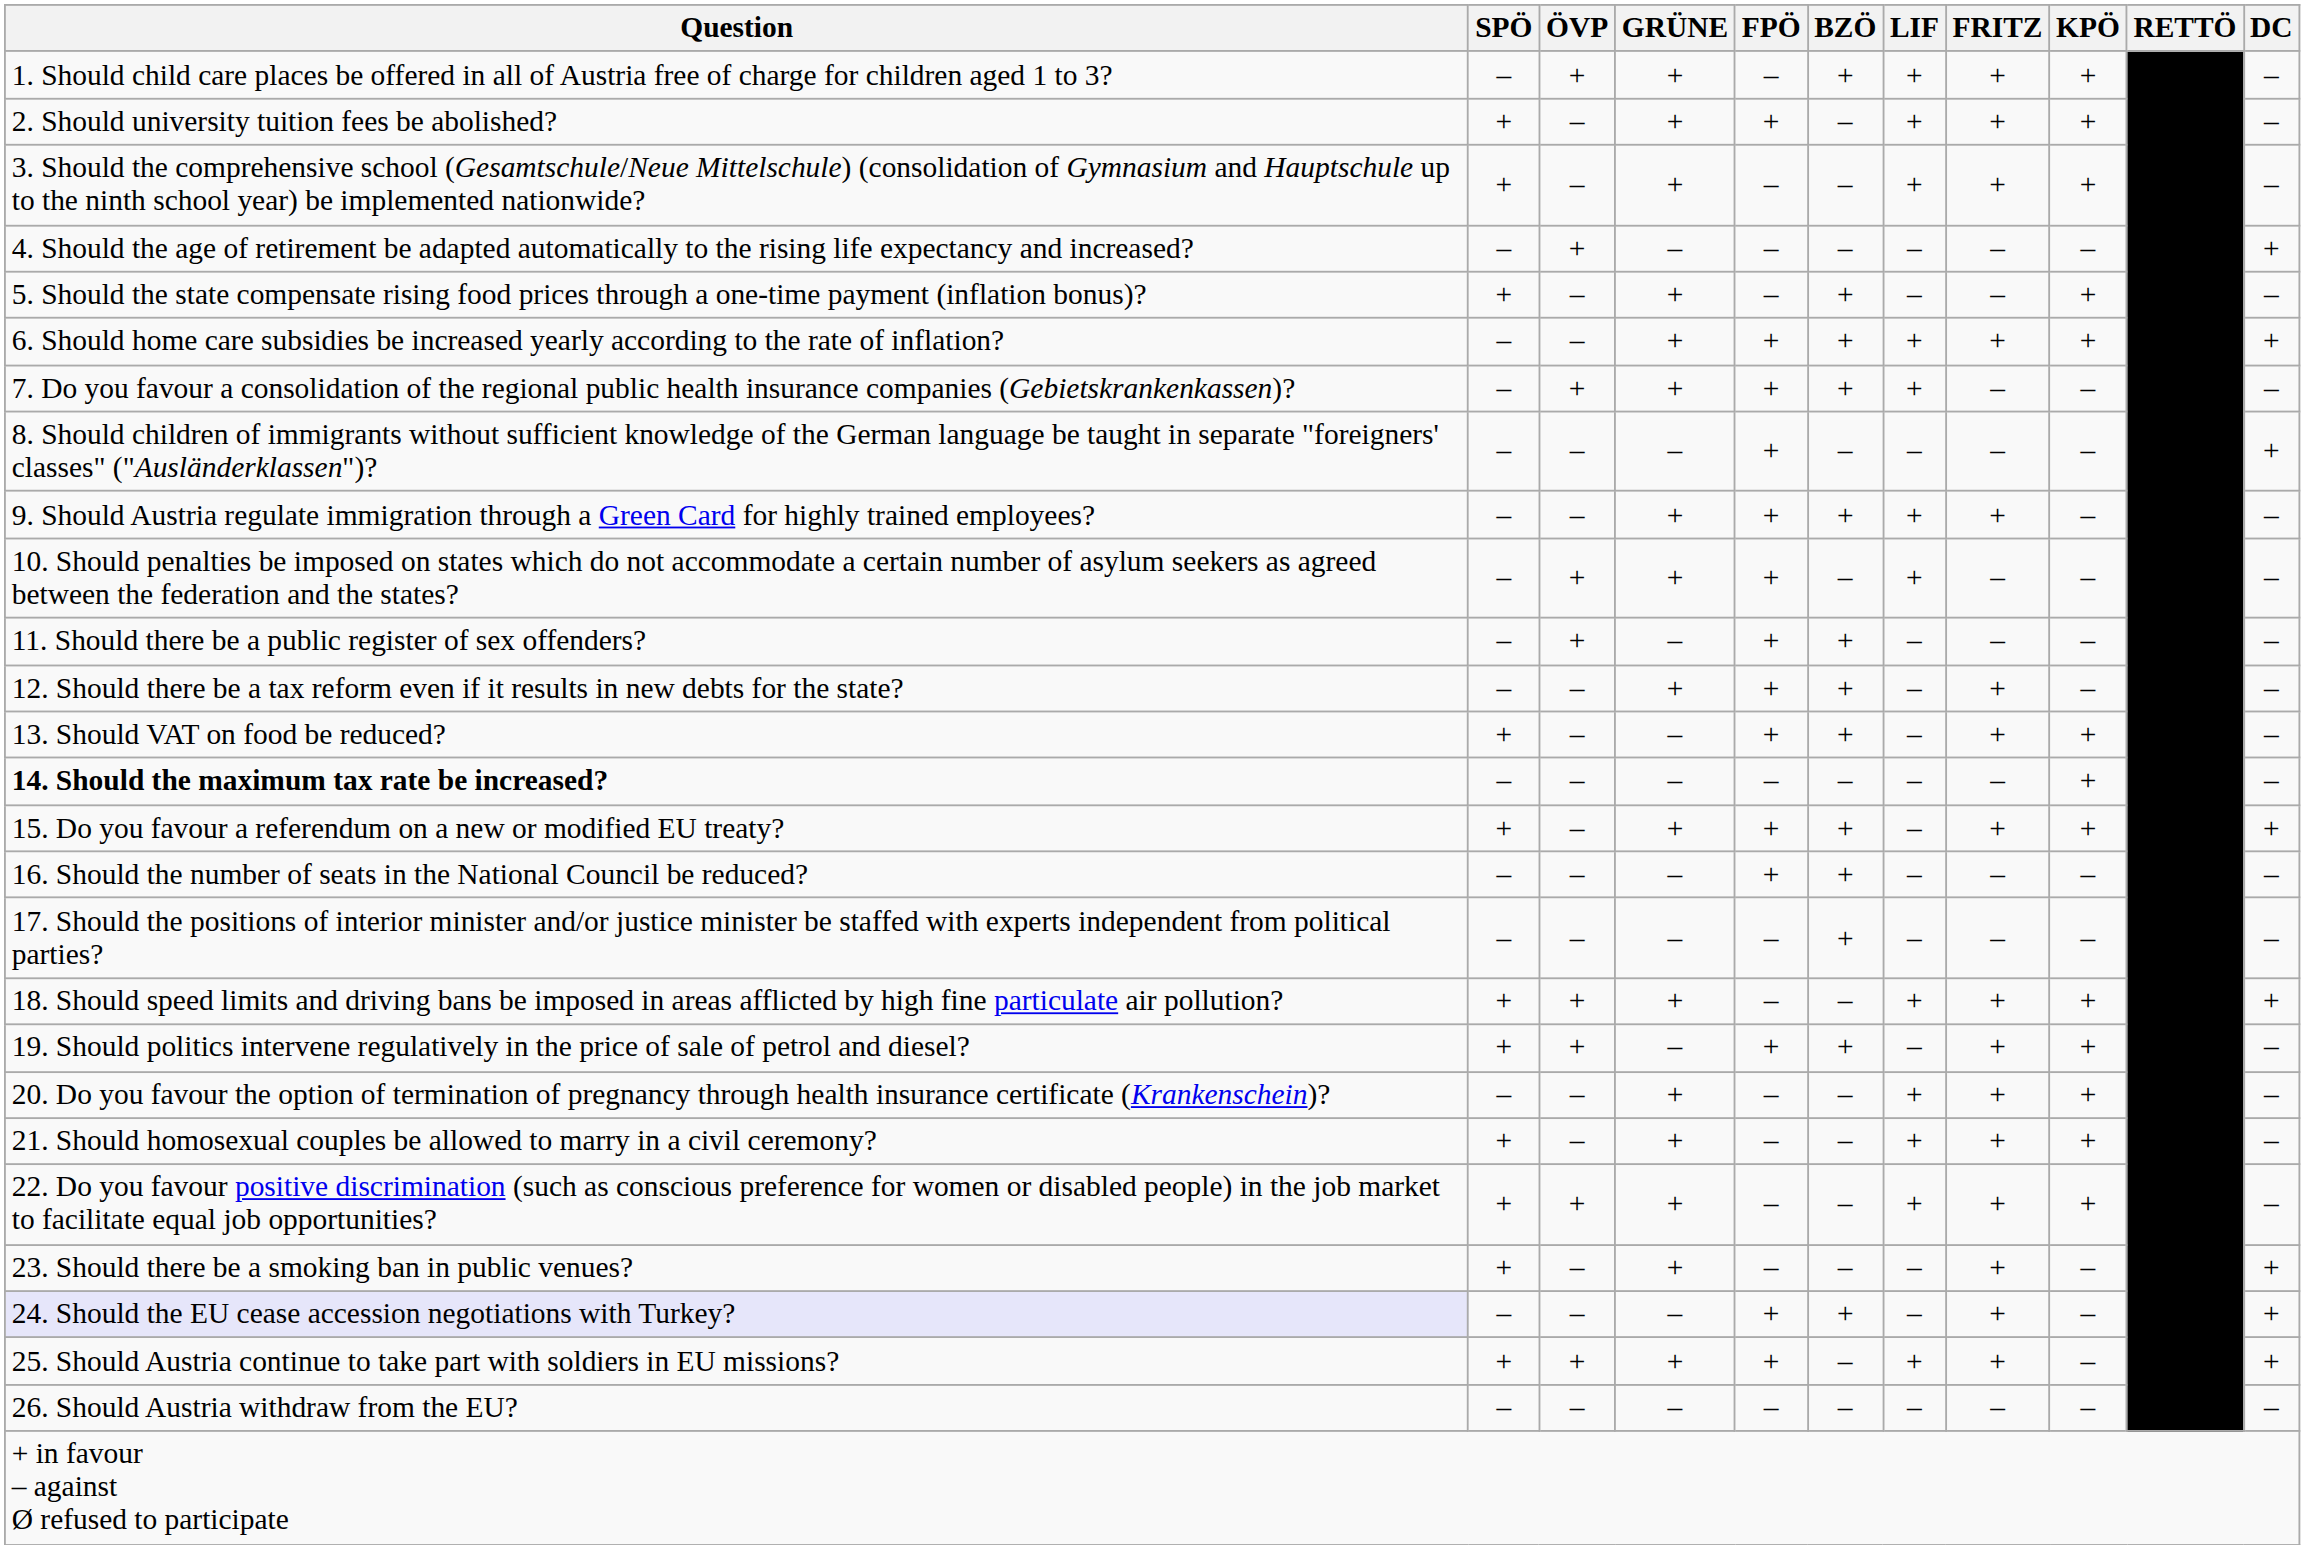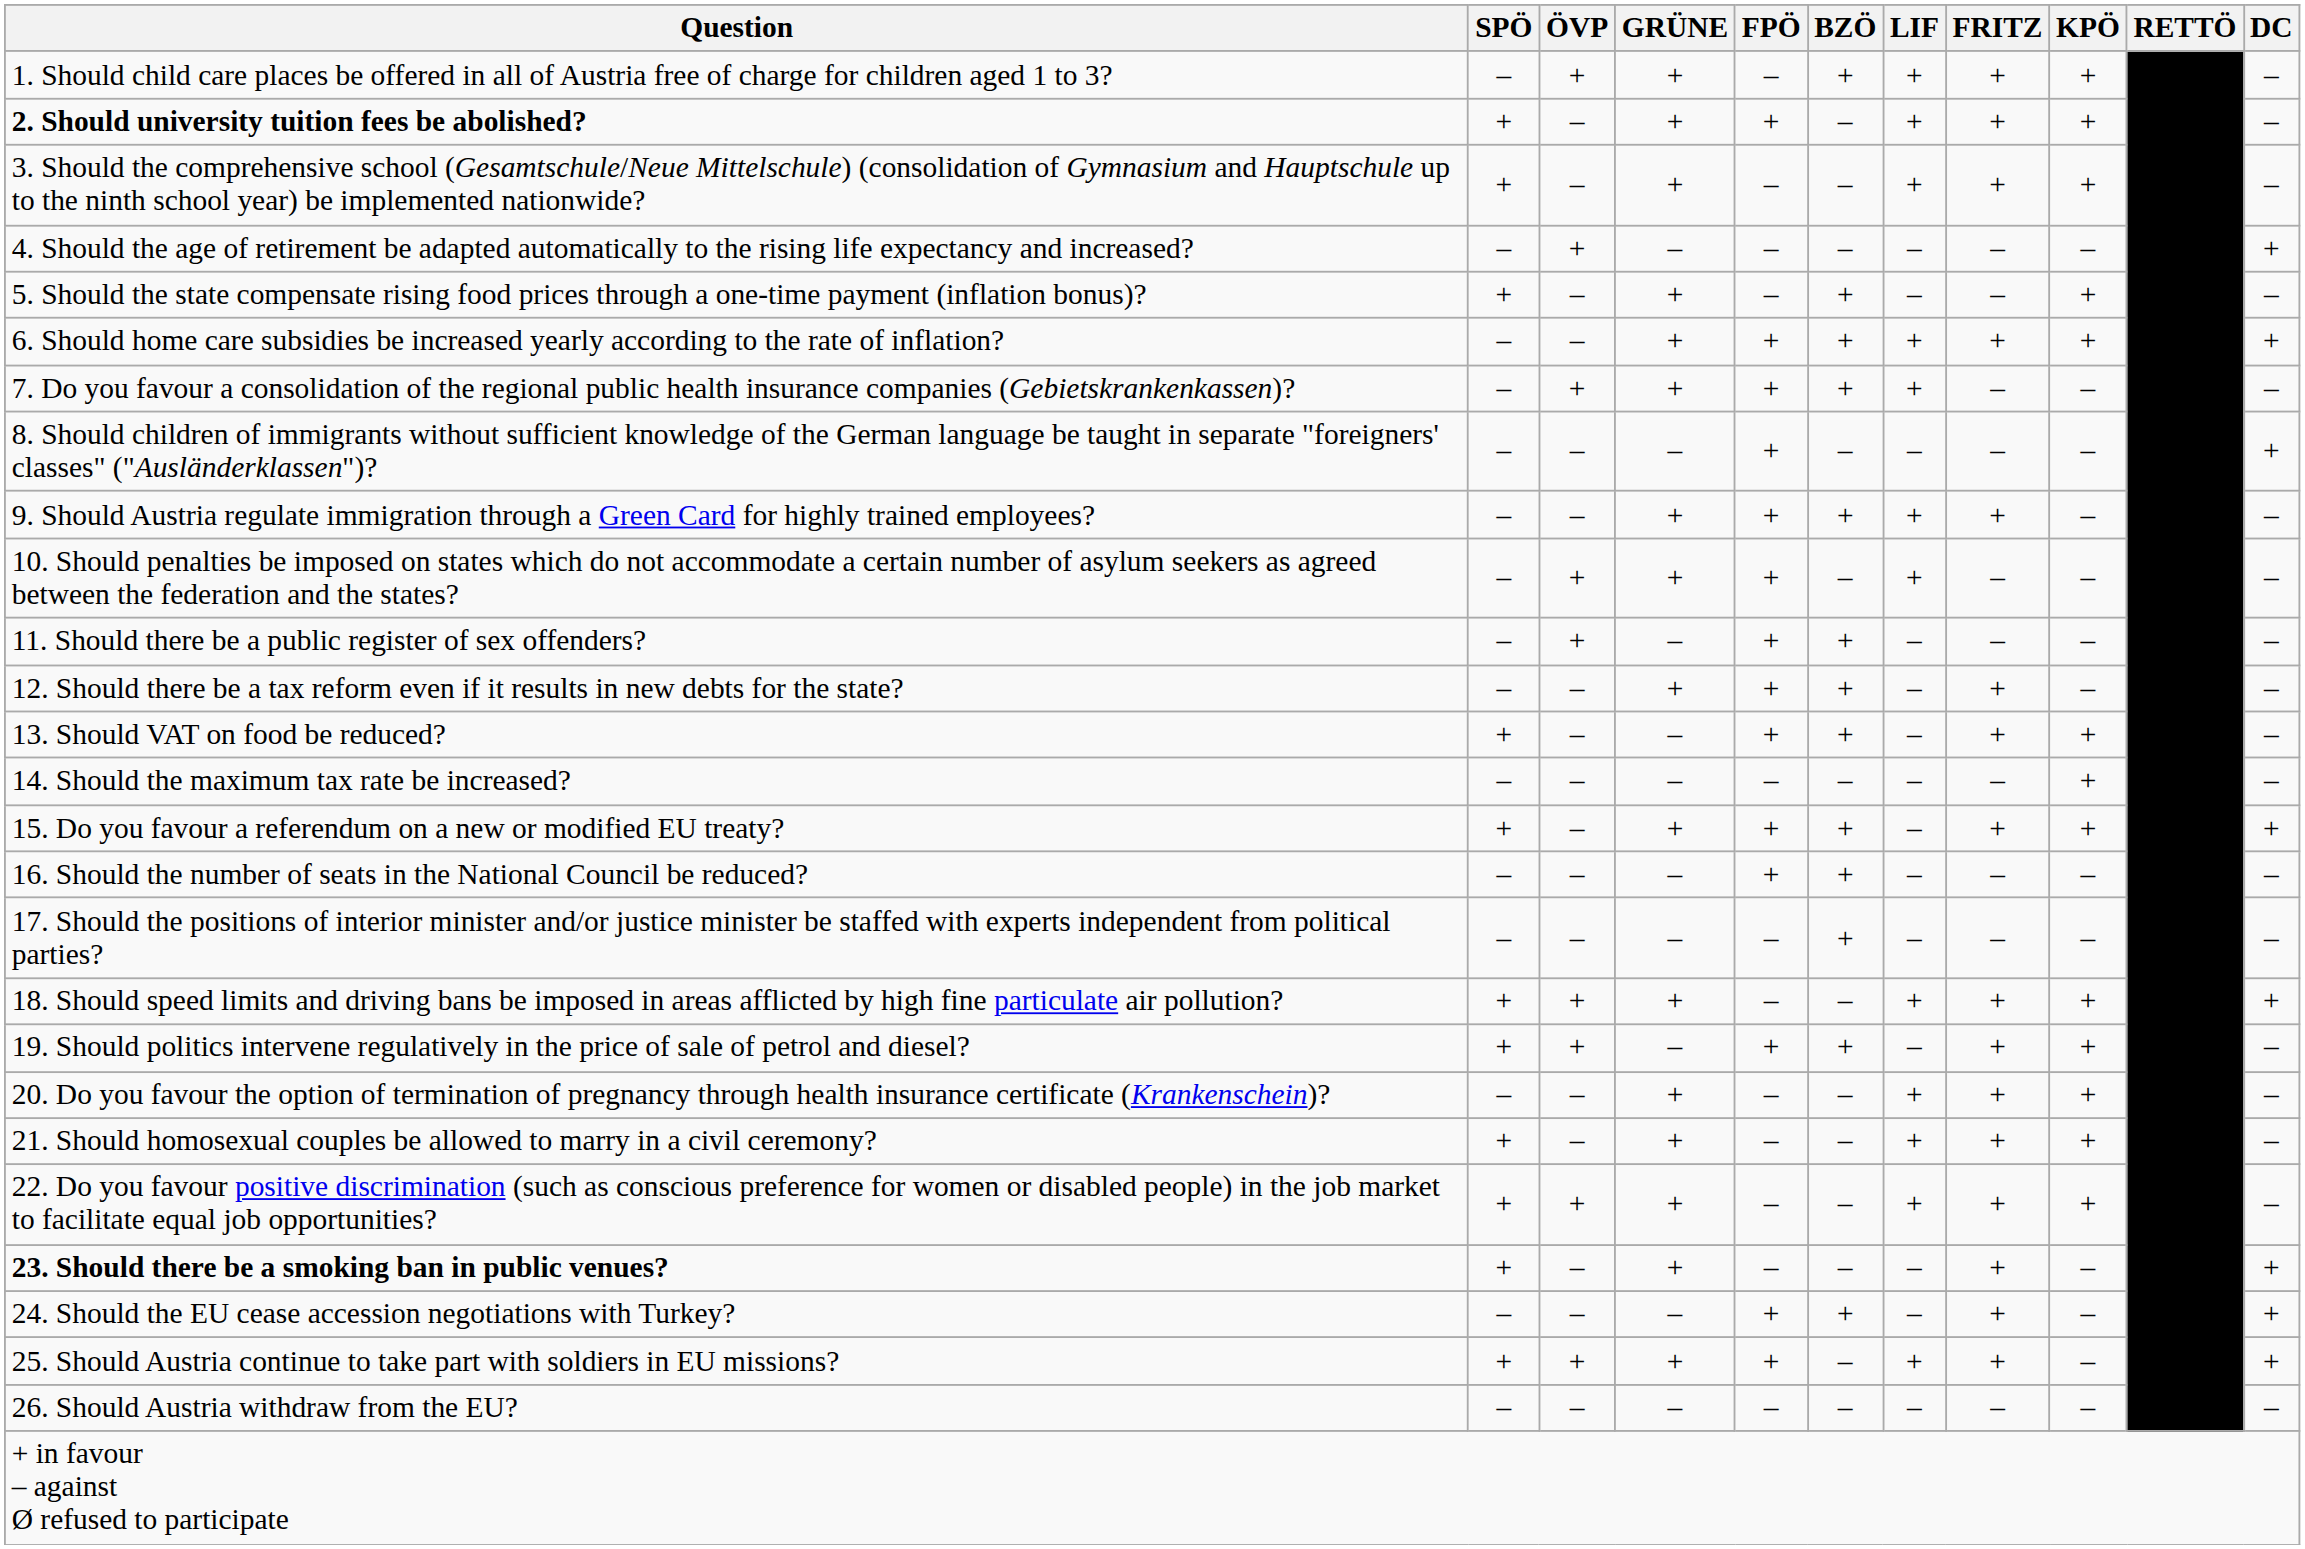 <table class="wikitable">
 <tr>
 <th>Question</th>
 <th>SPÖ</th>
 <th>ÖVP</th>
 <th>GRÜNE</th>
 <th>FPÖ</th>
 <th>BZÖ</th>
 <th>LIF</th>
 <th>FRITZ</th>
 <th>KPÖ</th>
 <th>RETTÖ</th>
 <th>DC</th>
 </tr>
 <tr>
 <td>1. Should child care places be offered in all of Austria free of charge for children aged 1 to 3?</td>
 <td align="center">–</td>
 <td align="center">+</td>
 <td align="center">+</td>
 <td align="center">–</td>
 <td align="center">+</td>
 <td align="center">+</td>
 <td align="center">+</td>
 <td align="center">+</td>
 <td align="center" rowspan="26" bgcolor=black><span>Ø</span></td>
 <td align="center">–</td>
 </tr>
 <tr>
-<td>2. Should university tuition fees be abolished?</td>
+<td><strong>2. Should university tuition fees be abolished?</strong></td>
 <td align="center">+</td>
 <td align="center">–</td>
 <td align="center">+</td>
 <td align="center">+</td>
 <td align="center">–</td>
 <td align="center">+</td>
 <td align="center">+</td>
 <td align="center">+</td>
 <td align="center">–</td>
 </tr>
 <tr>
 <td>3. Should the comprehensive school (<em>Gesamtschule</em>/<em>Neue Mittelschule</em>) (consolidation of <em>Gymnasium</em> and <em>Hauptschule</em> up to the ninth school year) be implemented nationwide?</td>
 <td align="center">+</td>
 <td align="center">–</td>
 <td align="center">+</td>
 <td align="center">–</td>
 <td align="center">–</td>
 <td align="center">+</td>
 <td align="center">+</td>
 <td align="center">+</td>
 <td align="center">–</td>
 </tr>
 <tr>
 <td>4. Should the age of retirement be adapted automatically to the rising life expectancy and increased?</td>
 <td align="center">–</td>
 <td align="center">+</td>
 <td align="center">–</td>
 <td align="center">–</td>
 <td align="center">–</td>
 <td align="center">–</td>
 <td align="center">–</td>
 <td align="center">–</td>
 <td align="center">+</td>
 </tr>
 <tr>
 <td>5. Should the state compensate rising food prices through a one-time payment (inflation bonus)?</td>
 <td align="center">+</td>
 <td align="center">–</td>
 <td align="center">+</td>
 <td align="center">–</td>
 <td align="center">+</td>
 <td align="center">–</td>
 <td align="center">–</td>
 <td align="center">+</td>
 <td align="center">–</td>
 </tr>
 <tr>
 <td>6. Should home care subsidies be increased yearly according to the rate of inflation?</td>
 <td align="center">–</td>
 <td align="center">–</td>
 <td align="center">+</td>
 <td align="center">+</td>
 <td align="center">+</td>
 <td align="center">+</td>
 <td align="center">+</td>
 <td align="center">+</td>
 <td align="center">+</td>
 </tr>
 <tr>
 <td>7. Do you favour a consolidation of the regional public health insurance companies (<em>Gebietskrankenkassen</em>)?</td>
 <td align="center">–</td>
 <td align="center">+</td>
 <td align="center">+</td>
 <td align="center">+</td>
 <td align="center">+</td>
 <td align="center">+</td>
 <td align="center">–</td>
 <td align="center">–</td>
 <td align="center">–</td>
 </tr>
 <tr>
 <td>8. Should children of immigrants without sufficient knowledge of the German language be taught in separate "foreigners' classes" ("<em>Ausländerklassen</em>")?</td>
 <td align="center">–</td>
 <td align="center">–</td>
 <td align="center">–</td>
 <td align="center">+</td>
 <td align="center">–</td>
 <td align="center">–</td>
 <td align="center">–</td>
 <td align="center">–</td>
 <td align="center">+</td>
 </tr>
 <tr>
 <td>9. Should Austria regulate immigration through a <a href='#'>Green Card</a> for highly trained employees?</td>
 <td align="center">–</td>
 <td align="center">–</td>
 <td align="center">+</td>
 <td align="center">+</td>
 <td align="center">+</td>
 <td align="center">+</td>
 <td align="center">+</td>
 <td align="center">–</td>
 <td align="center">–</td>
 </tr>
 <tr>
 <td>10. Should penalties be imposed on states which do not accommodate a certain number of asylum seekers as agreed between the federation and the states?</td>
 <td align="center">–</td>
 <td align="center">+</td>
 <td align="center">+</td>
 <td align="center">+</td>
 <td align="center">–</td>
 <td align="center">+</td>
 <td align="center">–</td>
 <td align="center">–</td>
 <td align="center">–</td>
 </tr>
 <tr>
 <td>11. Should there be a public register of sex offenders?</td>
 <td align="center">–</td>
 <td align="center">+</td>
 <td align="center">–</td>
 <td align="center">+</td>
 <td align="center">+</td>
 <td align="center">–</td>
 <td align="center">–</td>
 <td align="center">–</td>
 <td align="center">–</td>
 </tr>
 <tr>
 <td>12. Should there be a tax reform even if it results in new debts for the state?</td>
 <td align="center">–</td>
 <td align="center">–</td>
 <td align="center">+</td>
 <td align="center">+</td>
 <td align="center">+</td>
 <td align="center">–</td>
 <td align="center">+</td>
 <td align="center">–</td>
 <td align="center">–</td>
 </tr>
 <tr>
 <td>13. Should VAT on food be reduced?</td>
 <td align="center">+</td>
 <td align="center">–</td>
 <td align="center">–</td>
 <td align="center">+</td>
 <td align="center">+</td>
 <td align="center">–</td>
 <td align="center">+</td>
 <td align="center">+</td>
 <td align="center">–</td>
 </tr>
 <tr>
-<td><strong>14. Should the maximum tax rate be increased?</strong></td>
+<td>14. Should the maximum tax rate be increased?</td>
 <td align="center">–</td>
 <td align="center">–</td>
 <td align="center">–</td>
 <td align="center">–</td>
 <td align="center">–</td>
 <td align="center">–</td>
 <td align="center">–</td>
 <td align="center">+</td>
 <td align="center">–</td>
 </tr>
 <tr>
 <td>15. Do you favour a referendum on a new or modified EU treaty?</td>
 <td align="center">+</td>
 <td align="center">–</td>
 <td align="center">+</td>
 <td align="center">+</td>
 <td align="center">+</td>
 <td align="center">–</td>
 <td align="center">+</td>
 <td align="center">+</td>
 <td align="center">+</td>
 </tr>
 <tr>
 <td>16. Should the number of seats in the National Council be reduced?</td>
 <td align="center">–</td>
 <td align="center">–</td>
 <td align="center">–</td>
 <td align="center">+</td>
 <td align="center">+</td>
 <td align="center">–</td>
 <td align="center">–</td>
 <td align="center">–</td>
 <td align="center">–</td>
 </tr>
 <tr>
 <td>17. Should the positions of interior minister and/or justice minister be staffed with experts independent from political parties?</td>
 <td align="center">–</td>
 <td align="center">–</td>
 <td align="center">–</td>
 <td align="center">–</td>
 <td align="center">+</td>
 <td align="center">–</td>
 <td align="center">–</td>
 <td align="center">–</td>
 <td align="center">–</td>
 </tr>
 <tr>
 <td>18. Should speed limits and driving bans be imposed in areas afflicted by high fine <a href='#'>particulate</a> air pollution?</td>
 <td align="center">+</td>
 <td align="center">+</td>
 <td align="center">+</td>
 <td align="center">–</td>
 <td align="center">–</td>
 <td align="center">+</td>
 <td align="center">+</td>
 <td align="center">+</td>
 <td align="center">+</td>
 </tr>
 <tr>
 <td>19. Should politics intervene regulatively in the price of sale of petrol and diesel?</td>
 <td align="center">+</td>
 <td align="center">+</td>
 <td align="center">–</td>
 <td align="center">+</td>
 <td align="center">+</td>
 <td align="center">–</td>
 <td align="center">+</td>
 <td align="center">+</td>
 <td align="center">–</td>
 </tr>
 <tr>
 <td>20. Do you favour the option of termination of pregnancy through health insurance certificate (<em><a href='#'>Krankenschein</a></em>)?</td>
 <td align="center">–</td>
 <td align="center">–</td>
 <td align="center">+</td>
 <td align="center">–</td>
 <td align="center">–</td>
 <td align="center">+</td>
 <td align="center">+</td>
 <td align="center">+</td>
 <td align="center">–</td>
 </tr>
 <tr>
 <td>21. Should homosexual couples be allowed to marry in a civil ceremony?</td>
 <td align="center">+</td>
 <td align="center">–</td>
 <td align="center">+</td>
 <td align="center">–</td>
 <td align="center">–</td>
 <td align="center">+</td>
 <td align="center">+</td>
 <td align="center">+</td>
 <td align="center">–</td>
 </tr>
 <tr>
 <td>22. Do you favour <a href='#'>positive discrimination</a> (such as conscious preference for women or disabled people) in the job market to facilitate equal job opportunities?</td>
 <td align="center">+</td>
 <td align="center">+</td>
 <td align="center">+</td>
 <td align="center">–</td>
 <td align="center">–</td>
 <td align="center">+</td>
 <td align="center">+</td>
 <td align="center">+</td>
 <td align="center">–</td>
 </tr>
 <tr>
-<td>23. Should there be a smoking ban in public venues?</td>
+<td><strong>23. Should there be a smoking ban in public venues?</strong></td>
 <td align="center">+</td>
 <td align="center">–</td>
 <td align="center">+</td>
 <td align="center">–</td>
 <td align="center">–</td>
 <td align="center">–</td>
 <td align="center">+</td>
 <td align="center">–</td>
 <td align="center">+</td>
 </tr>
 <tr>
-<td style="background: lavender;">24. Should the EU cease accession negotiations with Turkey?</td>
+<td>24. Should the EU cease accession negotiations with Turkey?</td>
 <td align="center">–</td>
 <td align="center">–</td>
 <td align="center">–</td>
 <td align="center">+</td>
 <td align="center">+</td>
 <td align="center">–</td>
 <td align="center">+</td>
 <td align="center">–</td>
 <td align="center">+</td>
 </tr>
 <tr>
 <td>25. Should Austria continue to take part with soldiers in EU missions?</td>
 <td align="center">+</td>
 <td align="center">+</td>
 <td align="center">+</td>
 <td align="center">+</td>
 <td align="center">–</td>
 <td align="center">+</td>
 <td align="center">+</td>
 <td align="center">–</td>
 <td align="center">+</td>
 </tr>
 <tr>
 <td>26. Should Austria withdraw from the EU?</td>
 <td align="center">–</td>
 <td align="center">–</td>
 <td align="center">–</td>
 <td align="center">–</td>
 <td align="center">–</td>
 <td align="center">–</td>
 <td align="center">–</td>
 <td align="center">–</td>
 <td align="center">–</td>
 </tr>
 <tr>
 <td colspan="11">+ in favour<br>– against<br>Ø refused to participate</td>
 </tr>
 </table>
